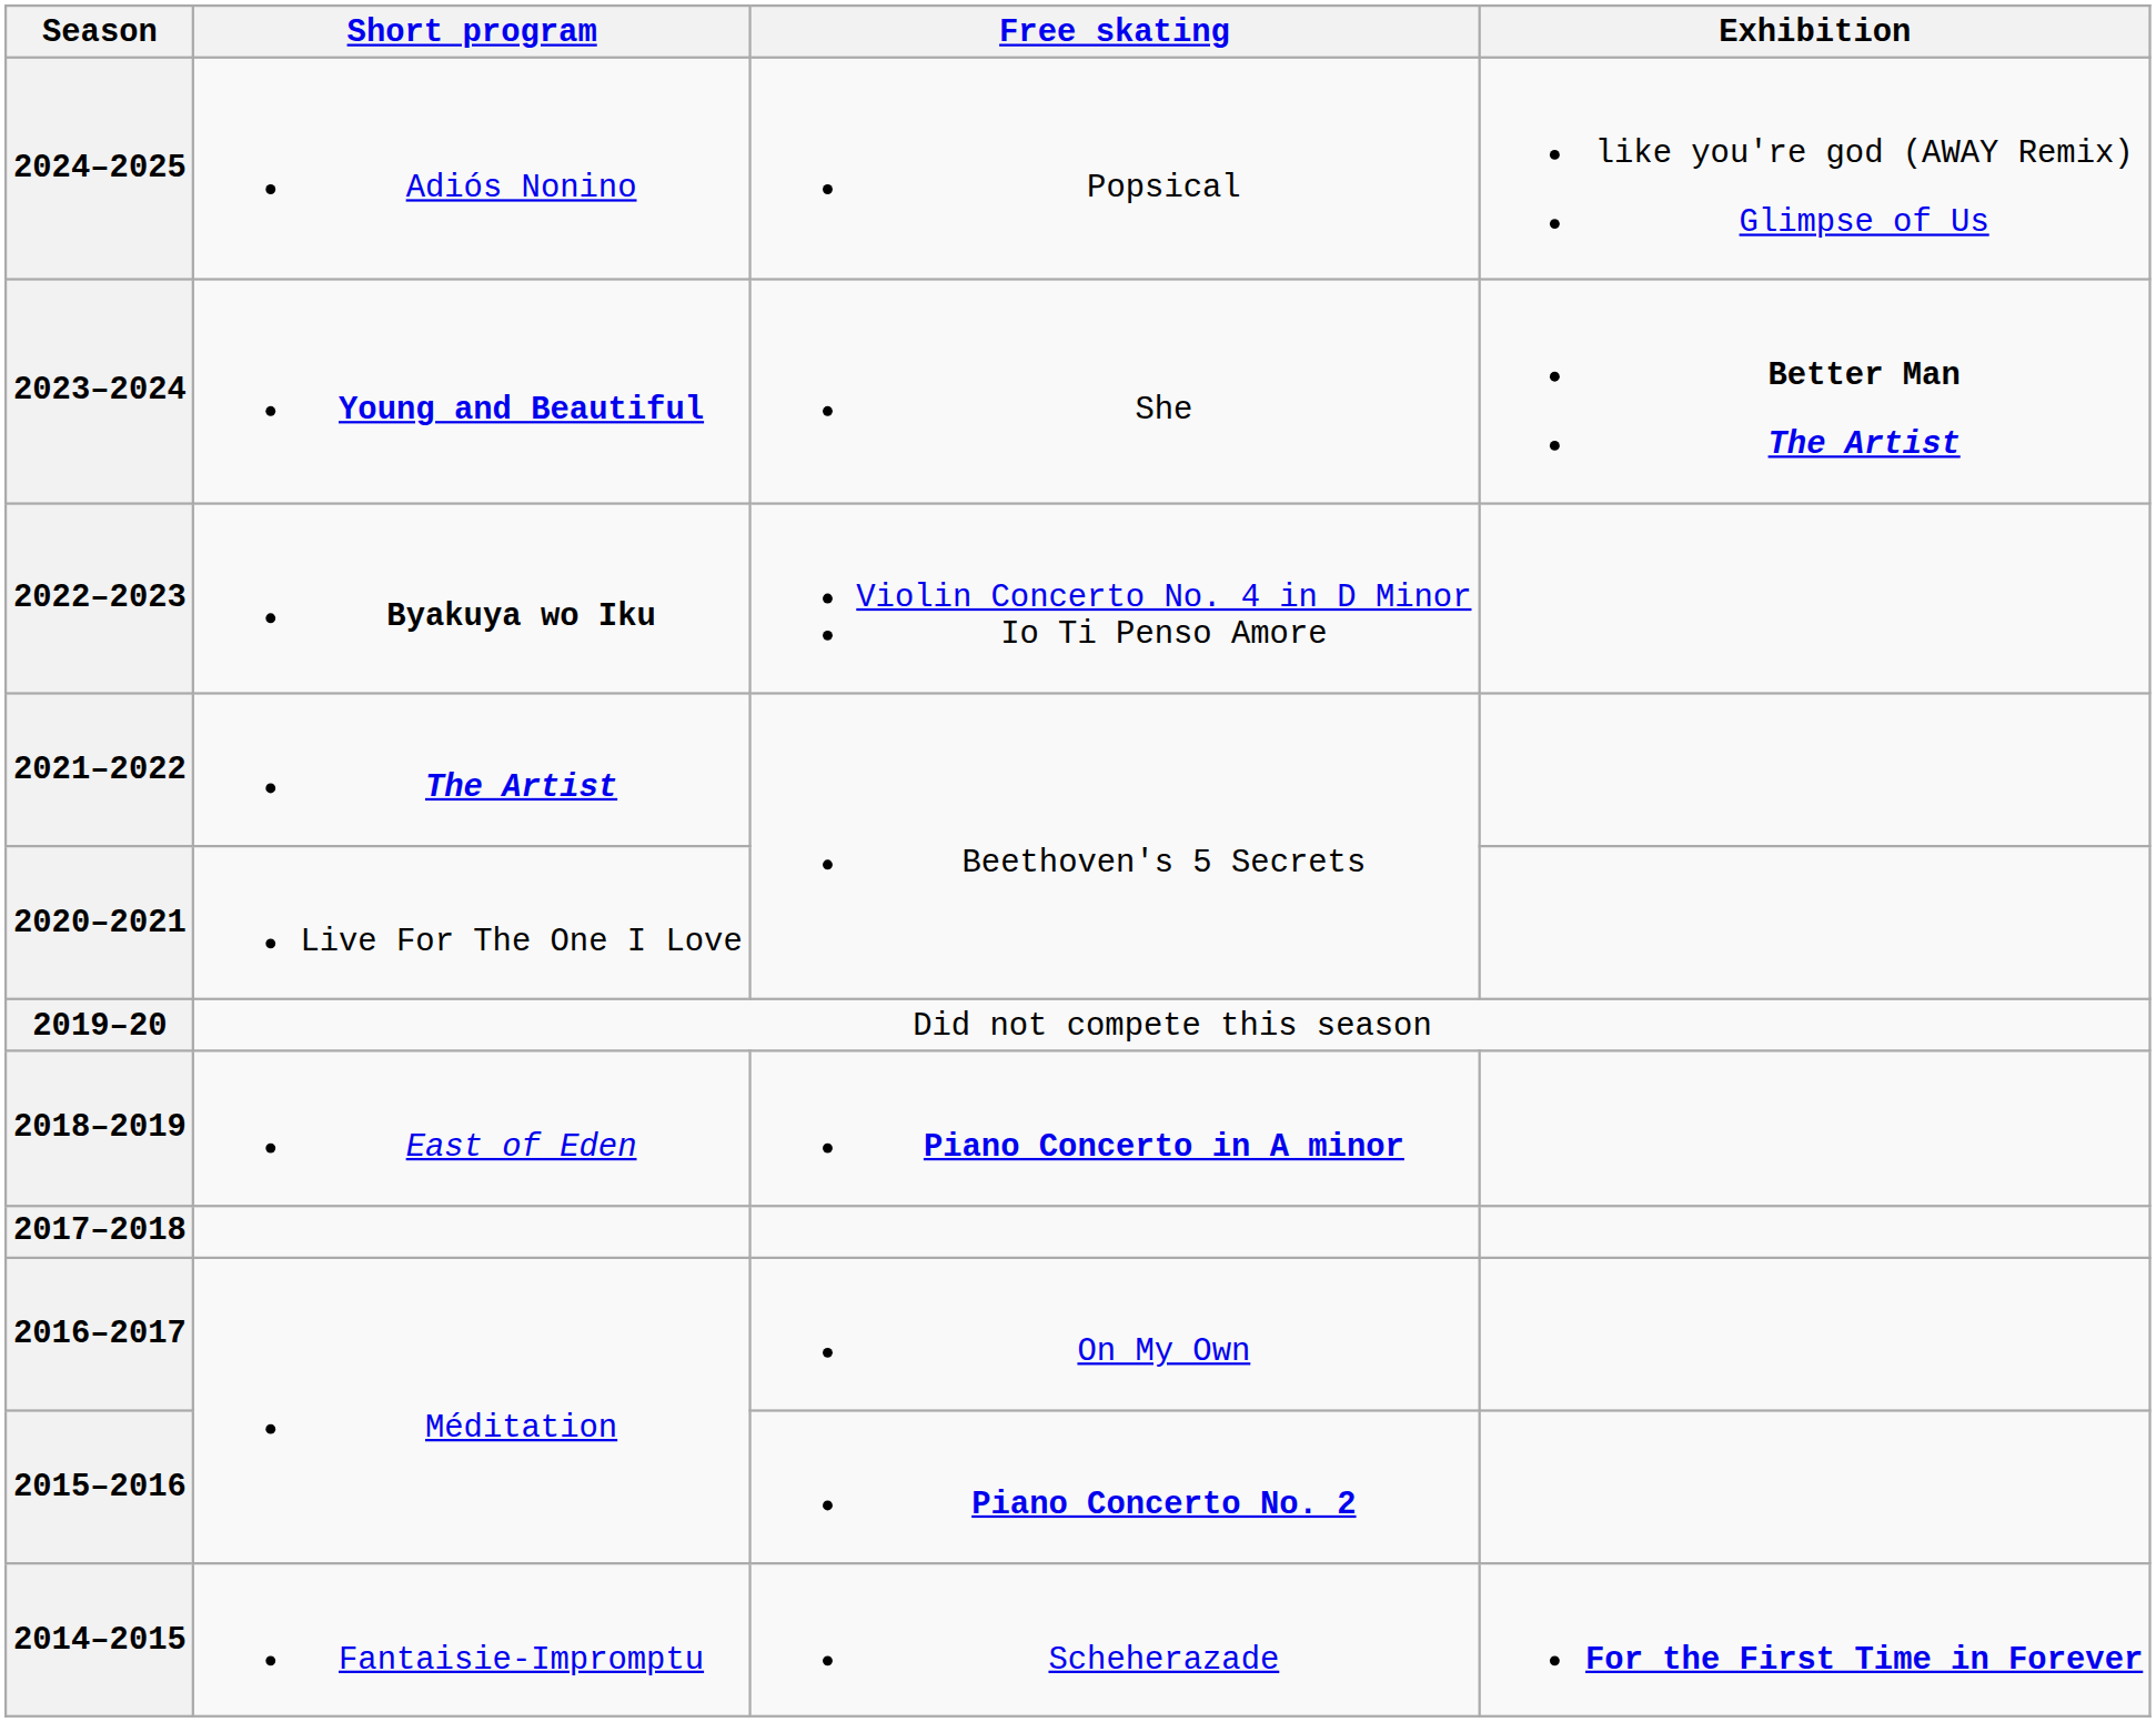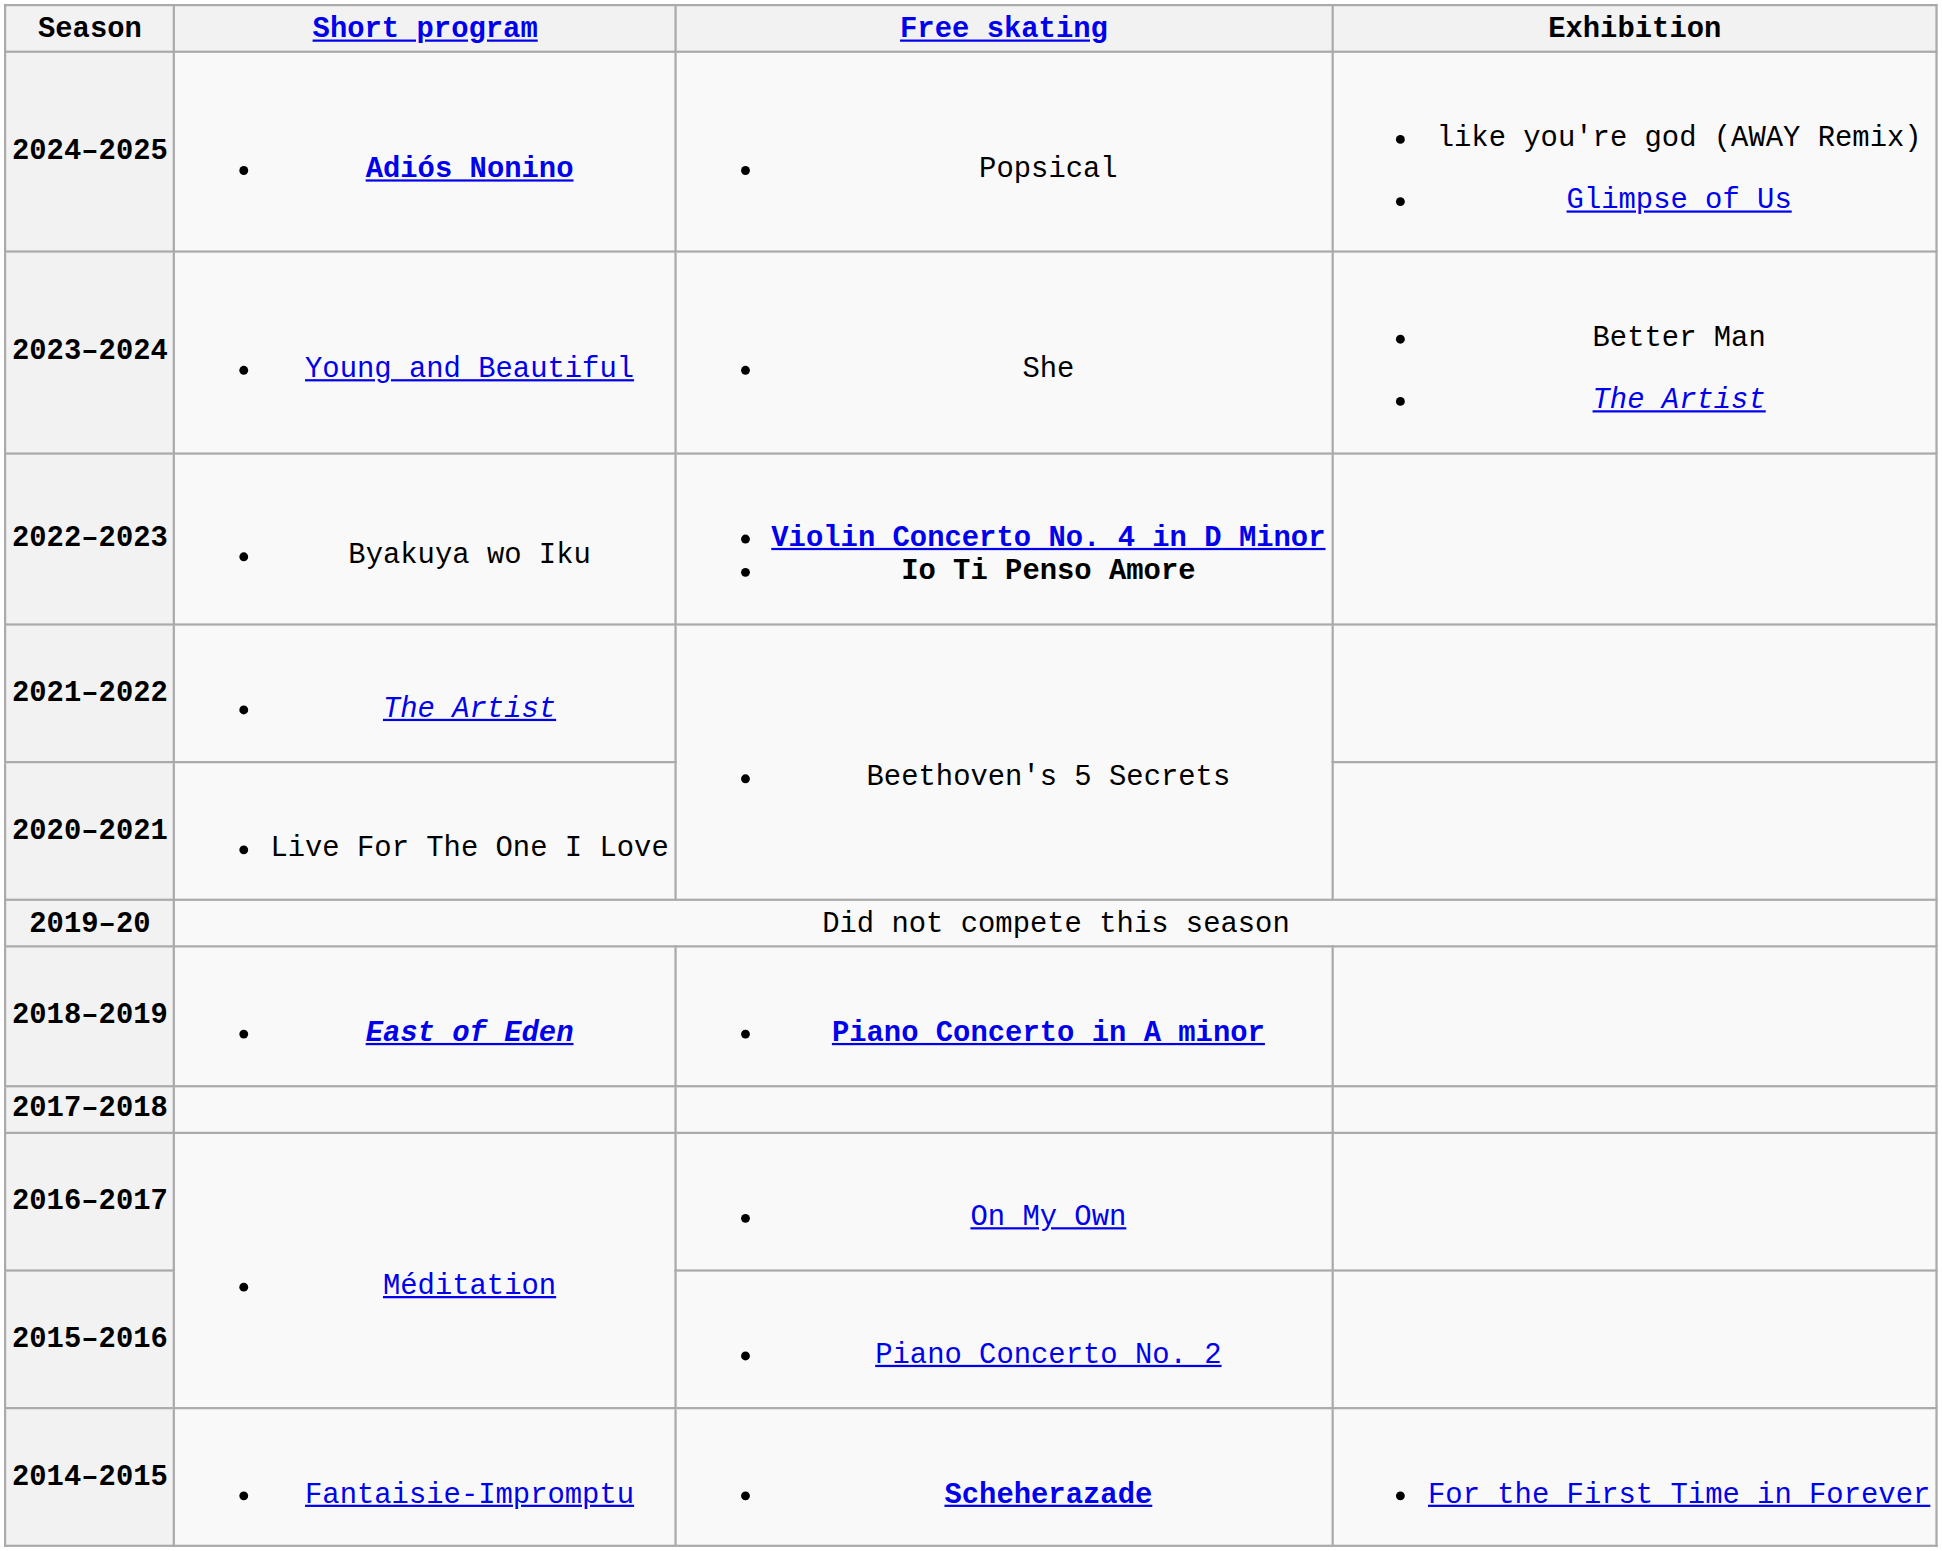 <table class=wikitable style=text-align:center>
 <tr>
 <th>Season</th>
 <th><a href='#'>Short program</a></th>
 <th><a href='#'>Free skating</a></th>
 <th>Exhibition</th>
 </tr>
 <tr>
 <th>2024–2025 <br> </th>
-<td><br><ul><li><a href='#'>Adiós Nonino</a> <br></li></ul></td>
+<td><strong><br><ul><li><a href='#'>Adiós Nonino</a> <br></li></ul></strong></td>
 <td><br><ul><li>Popsical <br></li></ul></td>
 <td><br><ul><li>like you're god (AWAY Remix)<br></li></ul><ul><li><a href='#'>Glimpse of Us</a> <br></li></ul></td>
 </tr>
 <tr>
 <th>2023–2024 <br> </th>
-<td><strong><br><ul><li><a href='#'>Young and Beautiful</a> <br></li></ul></strong></td>
+<td><br><ul><li><a href='#'>Young and Beautiful</a> <br></li></ul></td>
 <td><br><ul><li>She <br></li></ul></td>
-<td><strong><br><ul><li>Better Man <br></li></ul><ul><li><em><a href='#'>The Artist</a></em> <br></li></ul></strong></td>
+<td><br><ul><li>Better Man <br></li></ul><ul><li><em><a href='#'>The Artist</a></em> <br></li></ul></td>
 </tr>
 <tr>
 <th>2022–2023 <br> </th>
-<td><strong><br><ul><li>Byakuya wo Iku <br></li></ul></strong></td>
-<td><br><ul><li><a href='#'>Violin Concerto No. 4 in D Minor</a> <br></li><li>Io Ti Penso Amore<br></li></ul></td>
+<td><br><ul><li>Byakuya wo Iku <br></li></ul></td>
+<td><strong><br><ul><li><a href='#'>Violin Concerto No. 4 in D Minor</a> <br></li><li>Io Ti Penso Amore<br></li></ul></strong></td>
 <td></td>
 </tr>
 <tr>
 <th>2021–2022 <br> </th>
-<td><strong><br><ul><li><em><a href='#'>The Artist</a></em> <br></li></ul></strong></td>
+<td><br><ul><li><em><a href='#'>The Artist</a></em> <br></li></ul></td>
 <td rowspan=2><br><ul><li>Beethoven's 5 Secrets <br></li></ul></td>
 <td></td>
 </tr>
 <tr>
 <th>2020–2021 <br> </th>
 <td><br><ul><li>Live For The One I Love <br></li></ul></td>
 <td></td>
 </tr>
 <tr>
 <th scope="row">2019–20</th>
 <td colspan=3>Did not compete this season</td>
 </tr>
 <tr>
 <th>2018–2019 <br> </th>
-<td><br><ul><li><em><a href='#'>East of Eden</a></em> <br></li></ul></td>
+<td><strong><br><ul><li><em><a href='#'>East of Eden</a></em> <br></li></ul></strong></td>
 <td><strong><br><ul><li><a href='#'>Piano Concerto in A minor</a> <br></li></ul></strong></td>
 <td></td>
 </tr>
 <tr>
 <th>2017–2018</th>
 <td></td>
 <td></td>
 <td></td>
 </tr>
 <tr>
 <th>2016–2017 <br> </th>
 <td rowspan=2><br><ul><li><a href='#'>Méditation</a> <br></li></ul></td>
 <td><br><ul><li><a href='#'>On My Own</a> <br></li></ul></td>
 <td></td>
 </tr>
 <tr>
 <th>2015–2016 <br> </th>
-<td><strong><br><ul><li><a href='#'>Piano Concerto No. 2</a> <br> </li></ul></strong></td>
+<td><br><ul><li><a href='#'>Piano Concerto No. 2</a> <br> </li></ul></td>
 <td></td>
 </tr>
 <tr>
 <th>2014–2015 <br> </th>
 <td><br><ul><li><a href='#'>Fantaisie-Impromptu</a> <br></li></ul></td>
-<td><br><ul><li><a href='#'>Scheherazade</a> <br></li></ul></td>
-<td><strong><br><ul><li><a href='#'>For the First Time in Forever</a> <br></li></ul></strong></td>
+<td><strong><br><ul><li><a href='#'>Scheherazade</a> <br></li></ul></strong></td>
+<td><br><ul><li><a href='#'>For the First Time in Forever</a> <br></li></ul></td>
 </tr>
 </table>
